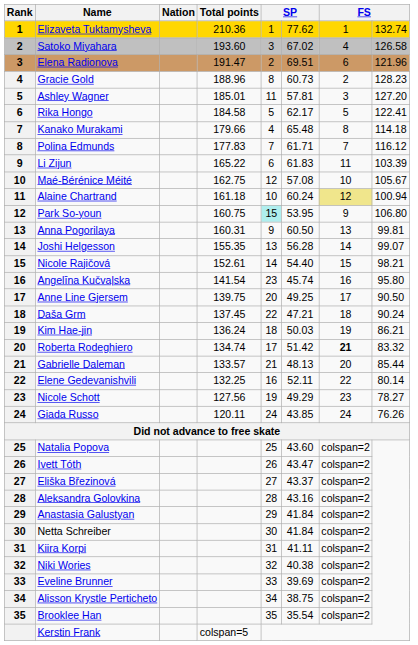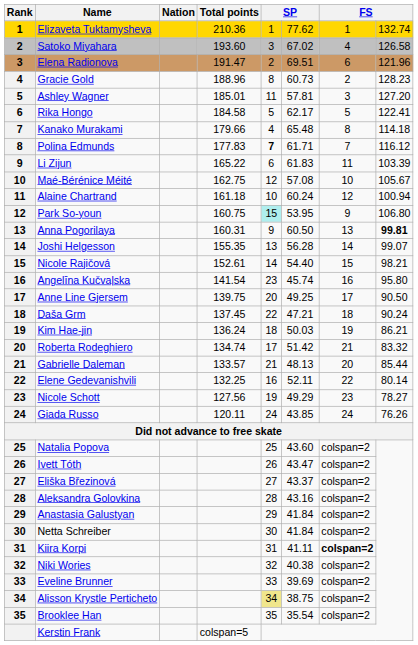 <table class="wikitable sortable">
 <tr>
 <th>Rank</th>
 <th>Name</th>
 <th>Nation</th>
 <th>Total points</th>
 <th colspan="2" width="80px"><a href='#'>SP</a></th>
 <th colspan="2" width="80px"><a href='#'>FS</a></th>
 </tr>
 <tr bgcolor="gold">
 <td align="center"><strong>1</strong></td>
 <td><a href='#'>Elizaveta Tuktamysheva</a></td>
 <td></td>
 <td align="center">210.36</td>
 <td align="center">1</td>
 <td align="center">77.62</td>
 <td align="center">1</td>
 <td align="center">132.74</td>
 </tr>
 <tr bgcolor="silver">
 <td align="center"><strong>2</strong></td>
 <td><a href='#'>Satoko Miyahara</a></td>
 <td></td>
 <td align="center">193.60</td>
 <td align="center">3</td>
 <td align="center">67.02</td>
 <td align="center">4</td>
 <td align="center">126.58</td>
 </tr>
 <tr bgcolor="cc9966">
 <td align="center"><strong>3</strong></td>
 <td><a href='#'>Elena Radionova</a></td>
 <td></td>
 <td align="center">191.47</td>
 <td align="center">2</td>
 <td align="center">69.51</td>
 <td align="center">6</td>
 <td align="center">121.96</td>
 </tr>
 <tr>
 <th>4</th>
 <td><a href='#'>Gracie Gold</a></td>
 <td></td>
 <td align="center">188.96</td>
 <td align="center">8</td>
 <td align="center">60.73</td>
 <td align="center">2</td>
 <td align="center">128.23</td>
 </tr>
 <tr>
 <th>5</th>
 <td><a href='#'>Ashley Wagner</a></td>
 <td></td>
 <td align="center">185.01</td>
 <td align="center">11</td>
 <td align="center">57.81</td>
 <td align="center">3</td>
 <td align="center">127.20</td>
 </tr>
 <tr>
 <th>6</th>
 <td><a href='#'>Rika Hongo</a></td>
 <td></td>
 <td align="center">184.58</td>
 <td align="center">5</td>
 <td align="center">62.17</td>
 <td align="center">5</td>
 <td align="center">122.41</td>
 </tr>
 <tr>
 <th>7</th>
 <td><a href='#'>Kanako Murakami</a></td>
 <td></td>
 <td align="center">179.66</td>
 <td align="center">4</td>
 <td align="center">65.48</td>
 <td align="center">8</td>
 <td align="center">114.18</td>
 </tr>
 <tr>
 <th>8</th>
 <td><a href='#'>Polina Edmunds</a></td>
 <td></td>
 <td align="center">177.83</td>
-<td align="center">7</td>
+<td align="center"><strong>7</strong></td>
 <td align="center">61.71</td>
 <td align="center">7</td>
 <td align="center">116.12</td>
 </tr>
 <tr>
 <th>9</th>
 <td><a href='#'>Li Zijun</a></td>
 <td></td>
 <td align="center">165.22</td>
 <td align="center">6</td>
 <td align="center">61.83</td>
 <td align="center">11</td>
 <td align="center">103.39</td>
 </tr>
 <tr>
 <th>10</th>
 <td><a href='#'>Maé-Bérénice Méité</a></td>
 <td></td>
 <td align="center">162.75</td>
 <td align="center">12</td>
 <td align="center">57.08</td>
 <td align="center">10</td>
 <td align="center">105.67</td>
 </tr>
 <tr>
 <th>11</th>
 <td><a href='#'>Alaine Chartrand</a></td>
 <td></td>
 <td align="center">161.18</td>
 <td align="center">10</td>
 <td align="center">60.24</td>
-<td align="center" style="background: khaki;">12</td>
+<td align="center">12</td>
 <td align="center">100.94</td>
 </tr>
 <tr>
 <th>12</th>
 <td><a href='#'>Park So-youn</a></td>
 <td></td>
 <td align="center">160.75</td>
 <td align="center" style="background: paleturquoise;">15</td>
 <td align="center">53.95</td>
 <td align="center">9</td>
 <td align="center">106.80</td>
 </tr>
 <tr>
 <th>13</th>
 <td><a href='#'>Anna Pogorilaya</a></td>
 <td></td>
 <td align="center">160.31</td>
 <td align="center">9</td>
 <td align="center">60.50</td>
 <td align="center">13</td>
-<td align="center">99.81</td>
+<td align="center"><strong>99.81</strong></td>
 </tr>
 <tr>
 <th>14</th>
 <td><a href='#'>Joshi Helgesson</a></td>
 <td></td>
 <td align="center">155.35</td>
 <td align="center">13</td>
 <td align="center">56.28</td>
 <td align="center">14</td>
 <td align="center">99.07</td>
 </tr>
 <tr>
 <th>15</th>
 <td><a href='#'>Nicole Rajičová</a></td>
 <td></td>
 <td align="center">152.61</td>
 <td align="center">14</td>
 <td align="center">54.40</td>
 <td align="center">15</td>
 <td align="center">98.21</td>
 </tr>
 <tr>
 <th>16</th>
 <td><a href='#'>Angelīna Kučvaļska</a></td>
 <td></td>
 <td align="center">141.54</td>
 <td align="center">23</td>
 <td align="center">45.74</td>
 <td align="center">16</td>
 <td align="center">95.80</td>
 </tr>
 <tr>
 <th>17</th>
 <td><a href='#'>Anne Line Gjersem</a></td>
 <td></td>
 <td align="center">139.75</td>
 <td align="center">20</td>
 <td align="center">49.25</td>
 <td align="center">17</td>
 <td align="center">90.50</td>
 </tr>
 <tr>
 <th>18</th>
 <td><a href='#'>Daša Grm</a></td>
 <td></td>
 <td align="center">137.45</td>
 <td align="center">22</td>
 <td align="center">47.21</td>
 <td align="center">18</td>
 <td align="center">90.24</td>
 </tr>
 <tr>
 <th>19</th>
 <td><a href='#'>Kim Hae-jin</a></td>
 <td></td>
 <td align="center">136.24</td>
 <td align="center">18</td>
 <td align="center">50.03</td>
 <td align="center">19</td>
 <td align="center">86.21</td>
 </tr>
 <tr>
 <th>20</th>
 <td><a href='#'>Roberta Rodeghiero</a></td>
 <td></td>
 <td align="center">134.74</td>
 <td align="center">17</td>
 <td align="center">51.42</td>
-<td align="center"><strong>21</strong></td>
+<td align="center">21</td>
 <td align="center">83.32</td>
 </tr>
 <tr>
 <th>21</th>
 <td><a href='#'>Gabrielle Daleman</a></td>
 <td></td>
 <td align="center">133.57</td>
 <td align="center">21</td>
 <td align="center">48.13</td>
 <td align="center">20</td>
 <td align="center">85.44</td>
 </tr>
 <tr>
 <th>22</th>
 <td><a href='#'>Elene Gedevanishvili</a></td>
 <td></td>
 <td align="center">132.25</td>
 <td align="center">16</td>
 <td align="center">52.11</td>
 <td align="center">22</td>
 <td align="center">80.14</td>
 </tr>
 <tr>
 <th>23</th>
 <td><a href='#'>Nicole Schott</a></td>
 <td></td>
 <td align="center">127.56</td>
 <td align="center">19</td>
 <td align="center">49.29</td>
 <td align="center">23</td>
 <td align="center">78.27</td>
 </tr>
 <tr>
 <th>24</th>
 <td><a href='#'>Giada Russo</a></td>
 <td></td>
 <td align="center">120.11</td>
 <td align="center">24</td>
 <td align="center">43.85</td>
 <td align="center">24</td>
 <td align="center">76.26</td>
 </tr>
 <tr>
 <th colspan=10>Did not advance to free skate</th>
 </tr>
 <tr>
 <th>25</th>
 <td><a href='#'>Natalia Popova</a></td>
 <td></td>
 <td></td>
 <td align="center">25</td>
 <td align="center">43.60</td>
 <td>colspan=2 </td>
 </tr>
 <tr>
 <th>26</th>
 <td><a href='#'>Ivett Tóth</a></td>
 <td></td>
 <td></td>
 <td align="center">26</td>
 <td align="center">43.47</td>
 <td>colspan=2 </td>
 </tr>
 <tr>
 <th>27</th>
 <td><a href='#'>Eliška Březinová</a></td>
 <td></td>
 <td></td>
 <td align="center">27</td>
 <td align="center">43.37</td>
 <td>colspan=2 </td>
 </tr>
 <tr>
 <th>28</th>
 <td><a href='#'>Aleksandra Golovkina</a></td>
 <td></td>
 <td></td>
 <td align="center">28</td>
 <td align="center">43.16</td>
 <td>colspan=2 </td>
 </tr>
 <tr>
 <th>29</th>
 <td><a href='#'>Anastasia Galustyan</a></td>
 <td></td>
 <td></td>
 <td align="center">29</td>
 <td align="center">41.84</td>
 <td>colspan=2 </td>
 </tr>
 <tr>
 <th>30</th>
 <td>Netta Schreiber</td>
 <td></td>
 <td></td>
 <td align="center">30</td>
 <td align="center">41.84</td>
 <td>colspan=2 </td>
 </tr>
 <tr>
 <th>31</th>
 <td><a href='#'>Kiira Korpi</a></td>
 <td></td>
 <td></td>
 <td align="center">31</td>
 <td align="center">41.11</td>
-<td>colspan=2 </td>
+<td><strong>colspan=2 </strong></td>
 </tr>
 <tr>
 <th>32</th>
 <td><a href='#'>Niki Wories</a></td>
 <td></td>
 <td></td>
 <td align="center">32</td>
 <td align="center">40.38</td>
 <td>colspan=2 </td>
 </tr>
 <tr>
 <th>33</th>
 <td><a href='#'>Eveline Brunner</a></td>
 <td></td>
 <td></td>
 <td align="center">33</td>
 <td align="center">39.69</td>
 <td>colspan=2 </td>
 </tr>
 <tr>
 <th>34</th>
 <td><a href='#'>Alisson Krystle Perticheto</a></td>
 <td></td>
 <td></td>
-<td align="center">34</td>
+<td align="center" style="background: khaki;">34</td>
 <td align="center">38.75</td>
 <td>colspan=2 </td>
 </tr>
 <tr>
 <th>35</th>
 <td><a href='#'>Brooklee Han</a></td>
 <td></td>
 <td></td>
 <td align="center">35</td>
 <td align="center">35.54</td>
 <td>colspan=2 </td>
 </tr>
 <tr>
 <th></th>
 <td><a href='#'>Kerstin Frank</a></td>
 <td></td>
 <td>colspan=5 </td>
 </tr>
 </table>
